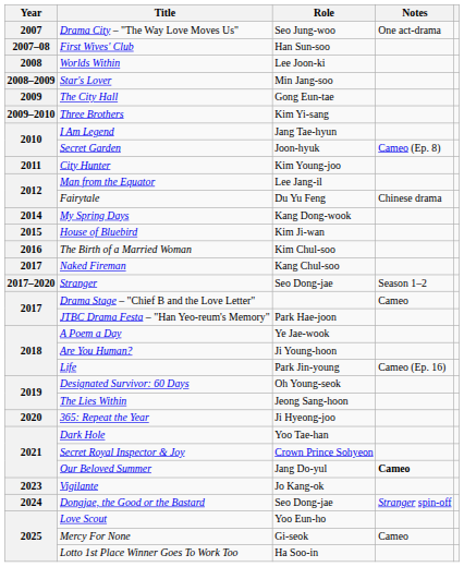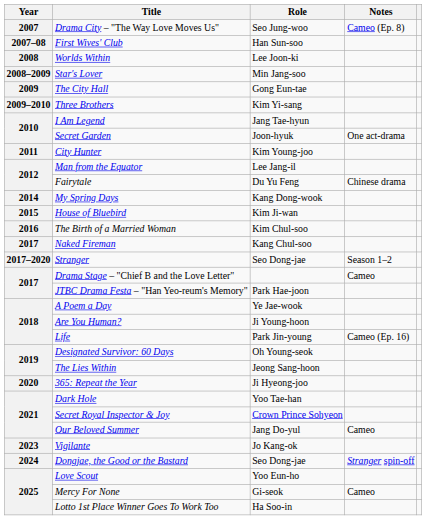 <table class="wikitable plainrowheaders sortable">
 <tr>
 <th scope="col">Year</th>
 <th scope="col">Title</th>
 <th scope="col">Role</th>
 <th scope="col">Notes</th>
 <th scope="col" class="unsortable"></th>
 </tr>
 <tr>
 <th scope="row">2007</th>
 <td><em><a href='#'>Drama City</a></em> – "The Way Love Moves Us"</td>
 <td>Seo Jung-woo</td>
-<td>One act-drama</td>
+<td><a href='#'>Cameo</a> (Ep. 8)</td>
 <td style="text-align:center"></td>
 </tr>
 <tr>
 <th scope="row">2007–08</th>
 <td><em><a href='#'>First Wives' Club</a></em></td>
 <td>Han Sun-soo</td>
 <td></td>
 <td style="text-align:center"></td>
 </tr>
 <tr>
 <th scope="row">2008</th>
 <td><em><a href='#'>Worlds Within</a></em></td>
 <td>Lee Joon-ki</td>
 <td></td>
 <td style="text-align:center"></td>
 </tr>
 <tr>
 <th scope="row">2008–2009</th>
 <td><em><a href='#'>Star's Lover</a></em></td>
 <td>Min Jang-soo</td>
 <td></td>
 <td style="text-align:center"></td>
 </tr>
 <tr>
 <th scope="row">2009</th>
 <td><em><a href='#'>The City Hall</a></em></td>
 <td>Gong Eun-tae</td>
 <td></td>
 <td style="text-align:center"></td>
 </tr>
 <tr>
 <th scope="row">2009–2010</th>
 <td><em><a href='#'>Three Brothers</a></em></td>
 <td>Kim Yi-sang</td>
 <td></td>
 <td style="text-align:center"></td>
 </tr>
 <tr>
 <th scope="row" rowspan="2">2010</th>
 <td><em><a href='#'>I Am Legend</a></em></td>
 <td>Jang Tae-hyun</td>
 <td></td>
 <td style="text-align:center"></td>
 </tr>
 <tr>
 <td><em><a href='#'>Secret Garden</a></em></td>
 <td>Joon-hyuk</td>
-<td><a href='#'>Cameo</a> (Ep. 8)</td>
+<td>One act-drama</td>
 <td style="text-align:center"></td>
 </tr>
 <tr>
 <th scope="row">2011</th>
 <td><em><a href='#'>City Hunter</a></em></td>
 <td>Kim Young-joo</td>
 <td></td>
 <td style="text-align:center"></td>
 </tr>
 <tr>
 <th scope="row" rowspan="2">2012</th>
 <td><em><a href='#'>Man from the Equator</a></em></td>
 <td>Lee Jang-il</td>
 <td></td>
 <td style="text-align:center"></td>
 </tr>
 <tr>
 <td><em>Fairytale</em></td>
 <td>Du Yu Feng</td>
 <td>Chinese drama</td>
 <td style="text-align:center"></td>
 </tr>
 <tr>
 <th scope="row">2014</th>
 <td><em><a href='#'>My Spring Days</a></em></td>
 <td>Kang Dong-wook</td>
 <td></td>
 <td style="text-align:center"></td>
 </tr>
 <tr>
 <th scope="row">2015</th>
 <td><em><a href='#'>House of Bluebird</a></em></td>
 <td>Kim Ji-wan</td>
 <td></td>
 <td style="text-align:center"></td>
 </tr>
 <tr>
 <th scope="row">2016</th>
 <td><em>The Birth of a Married Woman</em></td>
 <td>Kim Chul-soo</td>
 <td></td>
 <td style="text-align:center"></td>
 </tr>
 <tr>
 <th scope="row">2017</th>
 <td><em><a href='#'>Naked Fireman</a></em></td>
 <td>Kang Chul-soo</td>
 <td></td>
 <td style="text-align:center"></td>
 </tr>
 <tr>
 <th scope="row">2017–2020</th>
 <td><em><a href='#'>Stranger</a></em></td>
 <td>Seo Dong-jae</td>
 <td>Season 1–2</td>
 <td style="text-align:center"></td>
 </tr>
 <tr>
 <th scope="row" rowspan="2">2017</th>
 <td><em><a href='#'>Drama Stage</a></em> – "Chief B and the Love Letter"</td>
 <td></td>
 <td>Cameo</td>
 <td style="text-align:center"></td>
 </tr>
 <tr>
 <td><em><a href='#'>JTBC Drama Festa</a></em> – "Han Yeo-reum's Memory"</td>
 <td>Park Hae-joon</td>
 <td></td>
 <td style="text-align:center"></td>
 </tr>
 <tr>
 <th scope="row" rowspan="3">2018</th>
 <td><em><a href='#'>A Poem a Day</a></em></td>
 <td>Ye Jae-wook</td>
 <td></td>
 <td style="text-align:center"></td>
 </tr>
 <tr>
 <td><em><a href='#'>Are You Human?</a></em></td>
 <td>Ji Young-hoon</td>
 <td></td>
 <td style="text-align:center"></td>
 </tr>
 <tr>
 <td><em><a href='#'>Life</a></em></td>
 <td>Park Jin-young</td>
 <td>Cameo (Ep. 16)</td>
 <td style="text-align:center"></td>
 </tr>
 <tr>
 <th scope="row" rowspan="2">2019</th>
 <td><em><a href='#'>Designated Survivor: 60 Days</a></em></td>
 <td>Oh Young-seok</td>
 <td></td>
 <td style="text-align:center"></td>
 </tr>
 <tr>
 <td><em><a href='#'>The Lies Within</a></em></td>
 <td>Jeong Sang-hoon</td>
 <td></td>
 <td style="text-align:center"></td>
 </tr>
 <tr>
 <th scope="row">2020</th>
 <td><em><a href='#'>365: Repeat the Year</a></em></td>
 <td>Ji Hyeong-joo</td>
 <td></td>
 <td style="text-align:center"></td>
 </tr>
 <tr>
 <th scope="row" rowspan="3">2021</th>
 <td><em><a href='#'>Dark Hole</a></em></td>
 <td>Yoo Tae-han</td>
 <td></td>
 <td style="text-align:center"></td>
 </tr>
 <tr>
 <td><em><a href='#'>Secret Royal Inspector & Joy</a></em></td>
 <td><a href='#'>Crown Prince Sohyeon</a></td>
 <td></td>
 <td style="text-align:center"></td>
 </tr>
 <tr>
 <td><em><a href='#'>Our Beloved Summer</a></em></td>
 <td>Jang Do-yul</td>
-<td><strong>Cameo</strong></td>
+<td>Cameo</td>
 <td style="text-align:center"></td>
 </tr>
 <tr>
 <th scope="row">2023</th>
 <td><em><a href='#'>Vigilante</a></em></td>
 <td>Jo Kang-ok</td>
 <td></td>
 <td style="text-align:center"></td>
 </tr>
 <tr>
 <th scope="row">2024</th>
 <td><em><a href='#'>Dongjae, the Good or the Bastard</a></em></td>
 <td>Seo Dong-jae</td>
 <td><em><a href='#'>Stranger</a></em> <a href='#'>spin-off</a></td>
 <td style="text-align:center"></td>
 </tr>
 <tr>
 <th rowspan="3" scope="row">2025</th>
 <td><em><a href='#'>Love Scout</a></em></td>
 <td>Yoo Eun-ho</td>
 <td></td>
 <td style="text-align:center"></td>
 </tr>
 <tr>
 <td><em>Mercy For None</em></td>
 <td>Gi-seok</td>
 <td>Cameo</td>
 <td style="text-align:center"></td>
 </tr>
 <tr>
 <td><em>Lotto 1st Place Winner Goes To Work Too</em></td>
 <td>Ha Soo-in</td>
 <td></td>
 <td style="text-align:center"></td>
 </tr>
 </table>
